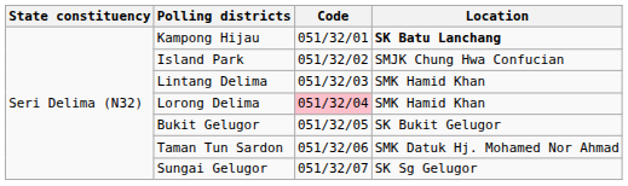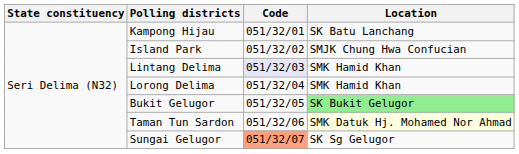 <table class="wikitable sortable mw-collapsible" style="white-space:nowrap;font-size:85%">
 <tr>
 <th>State constituency</th>
 <th>Polling districts</th>
 <th>Code</th>
 <th>Location</th>
 </tr>
 <tr>
 <td rowspan="7">Seri Delima (N32)</td>
 <td>Kampong Hijau</td>
 <td>051/32/01</td>
-<td><strong>SK Batu Lanchang</strong></td>
+<td>SK Batu Lanchang</td>
 </tr>
 <tr>
 <td>Island Park</td>
 <td>051/32/02</td>
 <td>SMJK Chung Hwa Confucian</td>
 </tr>
 <tr>
 <td>Lintang Delima</td>
-<td>051/32/03</td>
+<td style="background: lavender;">051/32/03</td>
 <td>SMK Hamid Khan</td>
 </tr>
 <tr>
 <td>Lorong Delima</td>
-<td style="background: pink;">051/32/04</td>
+<td>051/32/04</td>
 <td>SMK Hamid Khan</td>
 </tr>
 <tr>
 <td>Bukit Gelugor</td>
 <td>051/32/05</td>
-<td>SK Bukit Gelugor</td>
+<td style="background: lightgreen;">SK Bukit Gelugor</td>
 </tr>
 <tr>
 <td>Taman Tun Sardon</td>
 <td>051/32/06</td>
-<td>SMK Datuk Hj. Mohamed Nor Ahmad</td>
+<td style="background: lightyellow;">SMK Datuk Hj. Mohamed Nor Ahmad</td>
 </tr>
 <tr>
 <td>Sungai Gelugor</td>
-<td>051/32/07</td>
+<td style="background: lightsalmon;">051/32/07</td>
 <td>SK Sg Gelugor</td>
 </tr>
 </table>
